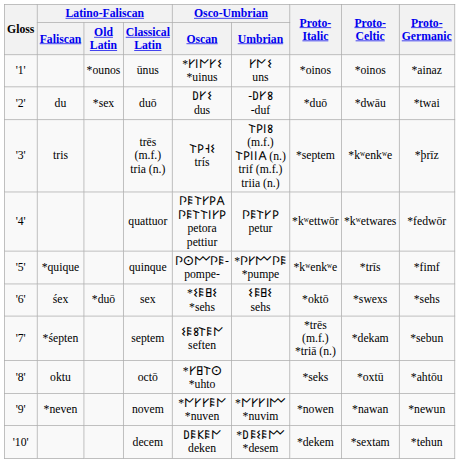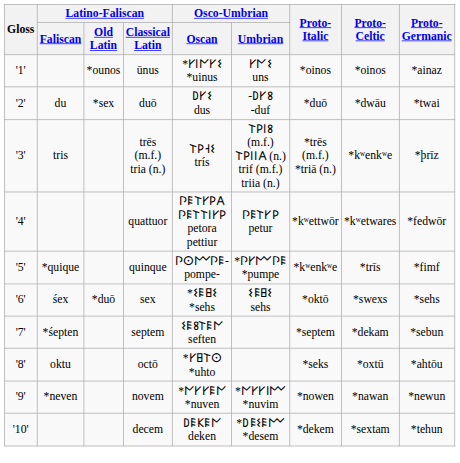 <table class="wikitable" style="text-align:center;">
 <tr>
 <th rowspan=2>Gloss</th>
 <th colspan=3><a href='#'>Latino-Faliscan</a></th>
 <th colspan=2><a href='#'>Osco-Umbrian</a></th>
 <th rowspan=2><a href='#'>Proto-<br>Italic</a></th>
 <th rowspan=2><a href='#'>Proto-<br>Celtic</a></th>
 <th rowspan=2><a href='#'>Proto-<br>Germanic</a></th>
 </tr>
 <tr>
 <th><a href='#'>Faliscan</a></th>
 <th><a href='#'>Old<br>Latin</a></th>
 <th><a href='#'>Classical<br> Latin</a></th>
 <th><a href='#'>Oscan</a></th>
 <th><a href='#'>Umbrian</a></th>
 </tr>
 <tr>
 <td>'1'</td>
 <td></td>
 <td>*ounos</td>
 <td>ūnus</td>
 <td>*𐌖𐌉𐌍𐌖𐌔<br>*uinus</td>
 <td>𐌖𐌍𐌔<br>uns</td>
 <td>*oinos</td>
 <td>*oinos</td>
 <td>*ainaz</td>
 </tr>
 <tr>
 <td>'2'</td>
 <td>du</td>
 <td>*sex</td>
 <td>duō</td>
 <td>𐌃𐌖𐌔<br>dus</td>
 <td>-𐌃𐌖𐌚<br>-duf</td>
 <td>*duō</td>
 <td>*dwāu</td>
 <td>*twai</td>
 </tr>
 <tr>
 <td>'3'</td>
 <td>tris</td>
 <td></td>
 <td>trēs (m.f.)<br>tria (n.)</td>
 <td>𐌕𐌓𐌝𐌔<br>trís</td>
 <td>𐌕𐌓𐌉𐌚 (m.f.)<br>𐌕𐌓𐌉𐌉𐌀 (n.)<br>trif (m.f.)<br>triia (n.)</td>
-<td>*septem</td>
+<td>*trēs (m.f.)<br>*triā (n.)</td>
 <td>*kʷenkʷe</td>
 <td>*þrīz</td>
 </tr>
 <tr>
 <td>'4'</td>
 <td></td>
 <td></td>
 <td>quattuor</td>
 <td>𐌐𐌄𐌕𐌖𐌓𐌀<br>𐌐𐌄𐌕𐌕𐌉𐌖𐌓<br>petora<br>pettiur</td>
 <td>𐌐𐌄𐌕𐌖𐌓<br>petur</td>
 <td>*kʷettwōr</td>
 <td>*kʷetwares</td>
 <td>*fedwōr</td>
 </tr>
 <tr>
 <td>'5'</td>
 <td>*quique</td>
 <td></td>
 <td>quinque</td>
 <td>𐌐𐌏𐌌𐌐𐌄-<br>pompe-</td>
 <td>*𐌐𐌖𐌌𐌐𐌄<br>*pumpe</td>
 <td>*kʷenkʷe</td>
 <td>*trīs</td>
 <td>*fimf</td>
 </tr>
 <tr>
 <td>'6'</td>
 <td>śex</td>
 <td>*duō</td>
 <td>sex</td>
 <td>*𐌔𐌄𐌇𐌔<br>*sehs</td>
 <td>𐌔𐌄𐌇𐌔<br>sehs</td>
 <td>*oktō</td>
 <td>*swexs</td>
 <td>*sehs</td>
 </tr>
 <tr>
 <td>'7'</td>
 <td>*śepten</td>
 <td></td>
 <td>septem</td>
 <td>𐌔𐌄𐌚𐌕𐌄𐌍<br>seften</td>
 <td></td>
-<td>*trēs (m.f.)<br>*triā (n.)</td>
+<td>*septem</td>
 <td>*dekam</td>
 <td>*sebun</td>
 </tr>
 <tr>
 <td>'8'</td>
 <td>oktu</td>
 <td></td>
 <td>octō</td>
 <td>*𐌖𐌇𐌕𐌏<br>*uhto</td>
 <td></td>
 <td>*seks</td>
 <td>*oxtū</td>
 <td>*ahtōu</td>
 </tr>
 <tr>
 <td>'9'</td>
 <td>*neven</td>
 <td></td>
 <td>novem</td>
 <td>*𐌍𐌖𐌖𐌄𐌍<br>*nuven</td>
 <td>*𐌍𐌖𐌖𐌉𐌌<br>*nuvim</td>
 <td>*nowen</td>
 <td>*nawan</td>
 <td>*newun</td>
 </tr>
 <tr>
 <td>'10'</td>
 <td></td>
 <td></td>
 <td>decem</td>
 <td>𐌃𐌄𐌊𐌄𐌍<br>deken</td>
 <td>*𐌃𐌄𐌔𐌄𐌌<br>*desem</td>
 <td>*dekem</td>
 <td>*sextam</td>
 <td>*tehun</td>
 </tr>
 </table>
